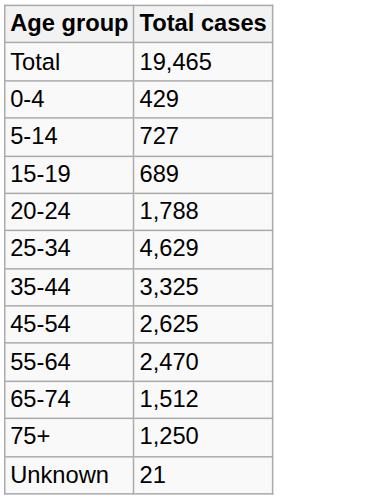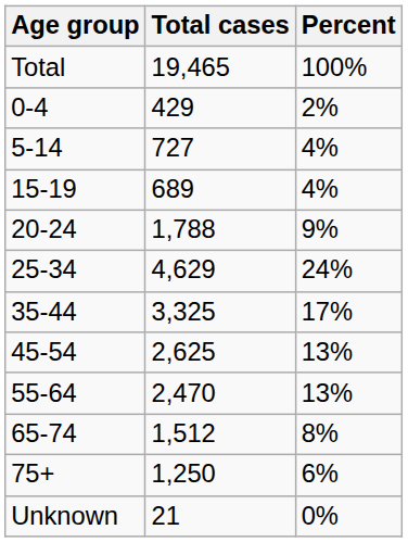 <table class="wikitable" style="display: inline-table;">
 <tr>
 <th>Age group</th>
 <th>Total cases</th>
+<th>Percent</th>
 </tr>
 <tr>
 <td>Total</td>
 <td>19,465</td>
+<td>100%</td>
 </tr>
 <tr>
 <td>0-4</td>
 <td>429</td>
+<td>2%</td>
 </tr>
 <tr>
 <td>5-14</td>
 <td>727</td>
+<td>4%</td>
 </tr>
 <tr>
 <td>15-19</td>
 <td>689</td>
+<td>4%</td>
 </tr>
 <tr>
 <td>20-24</td>
 <td>1,788</td>
+<td>9%</td>
 </tr>
 <tr>
 <td>25-34</td>
 <td>4,629</td>
+<td>24%</td>
 </tr>
 <tr>
 <td>35-44</td>
 <td>3,325</td>
+<td>17%</td>
 </tr>
 <tr>
 <td>45-54</td>
 <td>2,625</td>
+<td>13%</td>
 </tr>
 <tr>
 <td>55-64</td>
 <td>2,470</td>
+<td>13%</td>
 </tr>
 <tr>
 <td>65-74</td>
 <td>1,512</td>
+<td>8%</td>
 </tr>
 <tr>
 <td>75+</td>
 <td>1,250</td>
+<td>6%</td>
 </tr>
 <tr>
 <td>Unknown</td>
 <td>21</td>
+<td>0%</td>
 </tr>
 </table>
